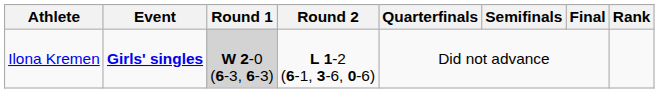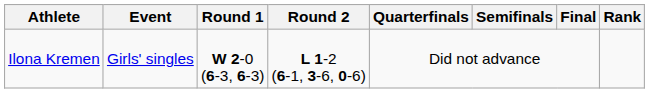 <table class=wikitable style="font-size:90%">
 <tr>
 <th>Athlete</th>
 <th>Event</th>
 <th>Round 1</th>
 <th>Round 2</th>
 <th>Quarterfinals</th>
 <th>Semifinals</th>
 <th>Final</th>
 <th>Rank</th>
 </tr>
 <tr>
 <td><a href='#'>Ilona Kremen</a></td>
-<td><strong><a href='#'>Girls' singles</a></strong></td>
-<td align=center style="background: lightgrey;"><br><strong>W</strong> <strong>2</strong>-0<br> (<strong>6</strong>-3, <strong>6</strong>-3)</td>
+<td><a href='#'>Girls' singles</a></td>
+<td align=center><br><strong>W</strong> <strong>2</strong>-0<br> (<strong>6</strong>-3, <strong>6</strong>-3)</td>
 <td align=center><br><strong>L</strong> <strong>1</strong>-2<br> (<strong>6</strong>-1, <strong>3</strong>-6, <strong>0</strong>-6)</td>
 <td colspan=3 align=center>Did not advance</td>
 <td align=center></td>
 </tr>
 </table>
